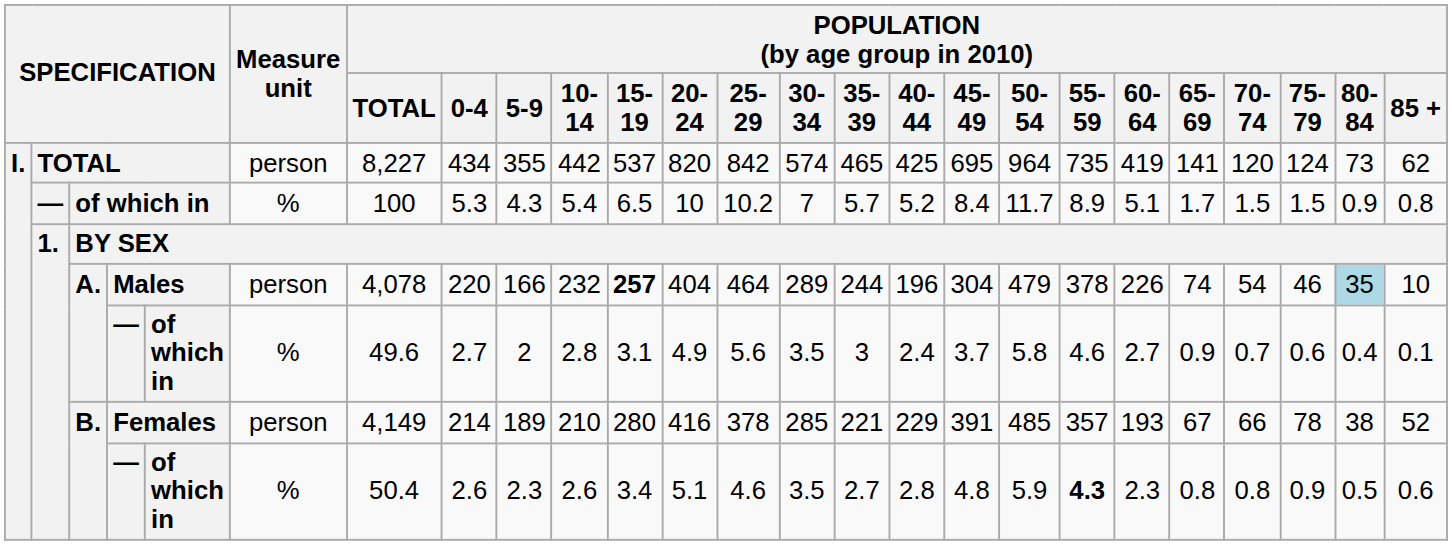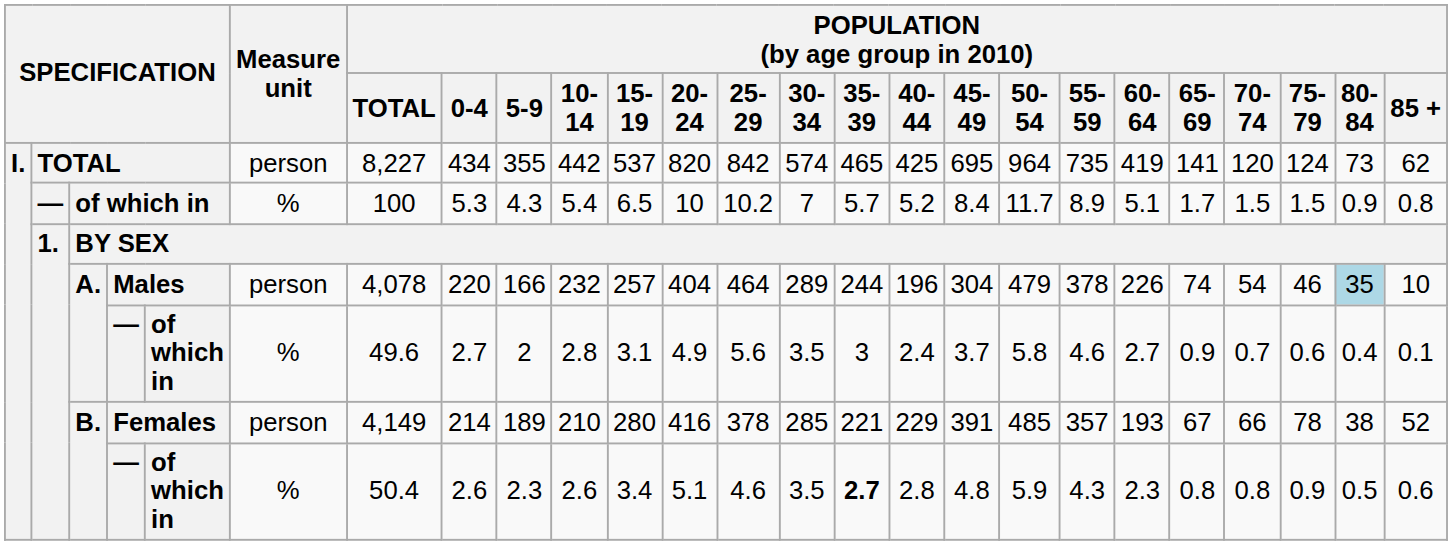 <table class="wikitable" style="font-size:85%; text-align:center">
 <tr>
 <th rowspan="2" colspan="5">SPECIFICATION</th>
 <th rowspan="2">Measure<br> unit</th>
 <th colspan="20" rowspan="1">POPULATION<br> (by age group in 2010)</th>
 </tr>
 <tr>
 <th>TOTAL</th>
 <th>0-4</th>
 <th>5-9</th>
 <th>10-14</th>
 <th>15-19</th>
 <th>20-24</th>
 <th>25-29</th>
 <th>30-34</th>
 <th>35-39</th>
 <th>40-44</th>
 <th>45-49</th>
 <th>50-54</th>
 <th>55-59</th>
 <th>60-64</th>
 <th>65-69</th>
 <th>70-74</th>
 <th>75-79</th>
 <th>80-84</th>
 <th>85 +</th>
 </tr>
 <tr>
 <th style="text-align:left" valign="top" rowspan="7">I.</th>
 <th style="text-align:left" colspan="4">TOTAL</th>
 <td>person</td>
 <td>8,227</td>
 <td>434</td>
 <td>355</td>
 <td>442</td>
 <td>537</td>
 <td>820</td>
 <td>842</td>
 <td>574</td>
 <td>465</td>
 <td>425</td>
 <td>695</td>
 <td>964</td>
 <td>735</td>
 <td>419</td>
 <td>141</td>
 <td>120</td>
 <td>124</td>
 <td>73</td>
 <td>62</td>
 </tr>
 <tr>
 <th style="text-align:left" valign="top">—</th>
 <th style="text-align:left" colspan="3">of which in</th>
 <td>%</td>
 <td>100</td>
 <td>5.3</td>
 <td>4.3</td>
 <td>5.4</td>
 <td>6.5</td>
 <td>10</td>
 <td>10.2</td>
 <td>7</td>
 <td>5.7</td>
 <td>5.2</td>
 <td>8.4</td>
 <td>11.7</td>
 <td>8.9</td>
 <td>5.1</td>
 <td>1.7</td>
 <td>1.5</td>
 <td>1.5</td>
 <td>0.9</td>
 <td>0.8</td>
 </tr>
 <tr>
 <th style="text-align:left" valign="top" rowspan="5">1.</th>
 <th style="text-align:left" colspan="23">BY SEX</th>
 </tr>
 <tr>
 <th style="text-align:left" valign="top" rowspan="2">A.</th>
 <th style="text-align:left" colspan="2">Males</th>
 <td>person</td>
 <td>4,078</td>
 <td>220</td>
 <td>166</td>
 <td>232</td>
-<td><strong>257</strong></td>
+<td>257</td>
 <td>404</td>
 <td>464</td>
 <td>289</td>
 <td>244</td>
 <td>196</td>
 <td>304</td>
 <td>479</td>
 <td>378</td>
 <td>226</td>
 <td>74</td>
 <td>54</td>
 <td>46</td>
 <td style="background: lightblue;">35</td>
 <td>10</td>
 </tr>
 <tr>
 <th style="text-align:left" valign="top">—</th>
 <th style="text-align:left" colspan="1">of which in</th>
 <td>%</td>
 <td>49.6</td>
 <td>2.7</td>
 <td>2</td>
 <td>2.8</td>
 <td>3.1</td>
 <td>4.9</td>
 <td>5.6</td>
 <td>3.5</td>
 <td>3</td>
 <td>2.4</td>
 <td>3.7</td>
 <td>5.8</td>
 <td>4.6</td>
 <td>2.7</td>
 <td>0.9</td>
 <td>0.7</td>
 <td>0.6</td>
 <td>0.4</td>
 <td>0.1</td>
 </tr>
 <tr>
 <th style="text-align:left" valign="top" rowspan="2">B.</th>
 <th style="text-align:left" colspan="2">Females</th>
 <td>person</td>
 <td>4,149</td>
 <td>214</td>
 <td>189</td>
 <td>210</td>
 <td>280</td>
 <td>416</td>
 <td>378</td>
 <td>285</td>
 <td>221</td>
 <td>229</td>
 <td>391</td>
 <td>485</td>
 <td>357</td>
 <td>193</td>
 <td>67</td>
 <td>66</td>
 <td>78</td>
 <td>38</td>
 <td>52</td>
 </tr>
 <tr>
 <th style="text-align:left" valign="top">—</th>
 <th style="text-align:left" colspan="1">of which in</th>
 <td>%</td>
 <td>50.4</td>
 <td>2.6</td>
 <td>2.3</td>
 <td>2.6</td>
 <td>3.4</td>
 <td>5.1</td>
 <td>4.6</td>
 <td>3.5</td>
-<td>2.7</td>
+<td><strong>2.7</strong></td>
 <td>2.8</td>
 <td>4.8</td>
 <td>5.9</td>
-<td><strong>4.3</strong></td>
+<td>4.3</td>
 <td>2.3</td>
 <td>0.8</td>
 <td>0.8</td>
 <td>0.9</td>
 <td>0.5</td>
 <td>0.6</td>
 </tr>
 </table>
